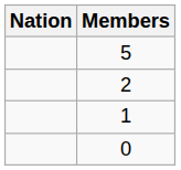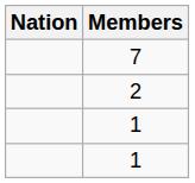 <table | class="wikitable sortable">
 <tr>
 <th>Nation</th>
 <th>Members</th>
 </tr>
 <tr>
 <td align=left></td>
-<td align=center>5</td>
+<td align=center>7</td>
 </tr>
 <tr>
 <td align=left></td>
 <td align=center>2</td>
 </tr>
 <tr>
 <td align=left></td>
 <td align=center>1</td>
 </tr>
 <tr>
 <td align=left></td>
-<td align=center>0</td>
+<td align=center>1</td>
 </tr>
 </table>
